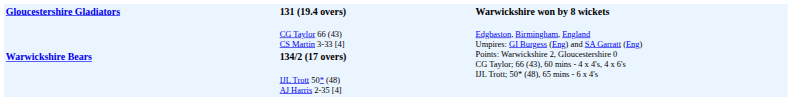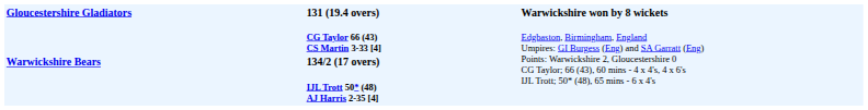 <table style="width:100%; background:#ebf5ff;">
 <tr>
 <td style="width:35%; vertical-align:top;" rowspan="2"><strong><a href='#'>Gloucestershire Gladiators</a></strong></td>
 <td style="width:25%;"><strong>131 (19.4 overs)</strong></td>
 <td style="width:40%;"><strong>Warwickshire won by 8 wickets</strong></td>
 </tr>
 <tr>
-<td style="font-size: 85%;"><br><a href='#'>CG Taylor</a> 66 (43)<br> <a href='#'>CS Martin</a> 3-33 [4]</td>
+<td style="font-size: 85%;"><strong><br><a href='#'>CG Taylor</a> 66 (43)<br> <a href='#'>CS Martin</a> 3-33 [4]</strong></td>
 <td style="vertical-align:top; font-size:85%;" rowspan="3"><br><a href='#'>Edgbaston</a>, <a href='#'>Birmingham</a>, <a href='#'>England</a><br> Umpires: <a href='#'>GI Burgess</a> (<a href='#'>Eng</a>) and <a href='#'>SA Garratt</a> (<a href='#'>Eng</a>)<br> Points: Warwickshire 2, Gloucestershire 0<br>CG Taylor; 66 (43), 60 mins - 4 x 4's, 4 x 6's<br> IJL Trott; 50* (48), 65 mins - 6 x 4's</td>
 </tr>
 <tr>
 <td style="vertical-align:top;" rowspan="2"><strong><a href='#'>Warwickshire Bears</a></strong></td>
 <td><strong>134/2 (17 overs)</strong></td>
 </tr>
 <tr>
-<td style="font-size: 85%;"><br><a href='#'>IJL Trott</a> 50<a href='#'>*</a> (48)<br> <a href='#'>AJ Harris</a> 2-35 [4]</td>
+<td style="font-size: 85%;"><strong><br><a href='#'>IJL Trott</a> 50<a href='#'>*</a> (48)<br> <a href='#'>AJ Harris</a> 2-35 [4]</strong></td>
 </tr>
 </table>
